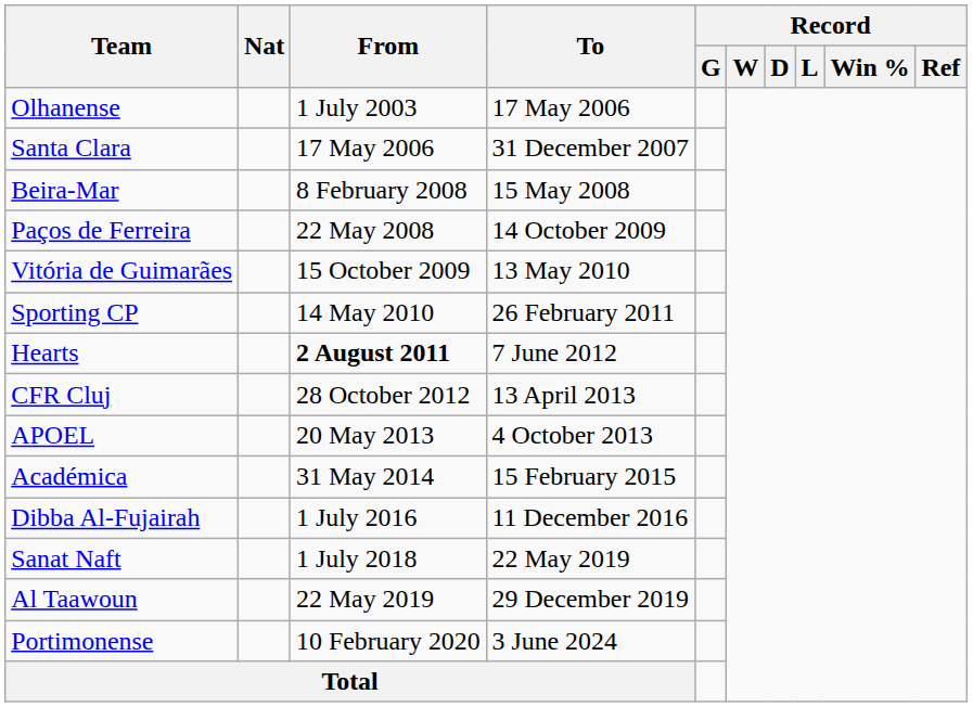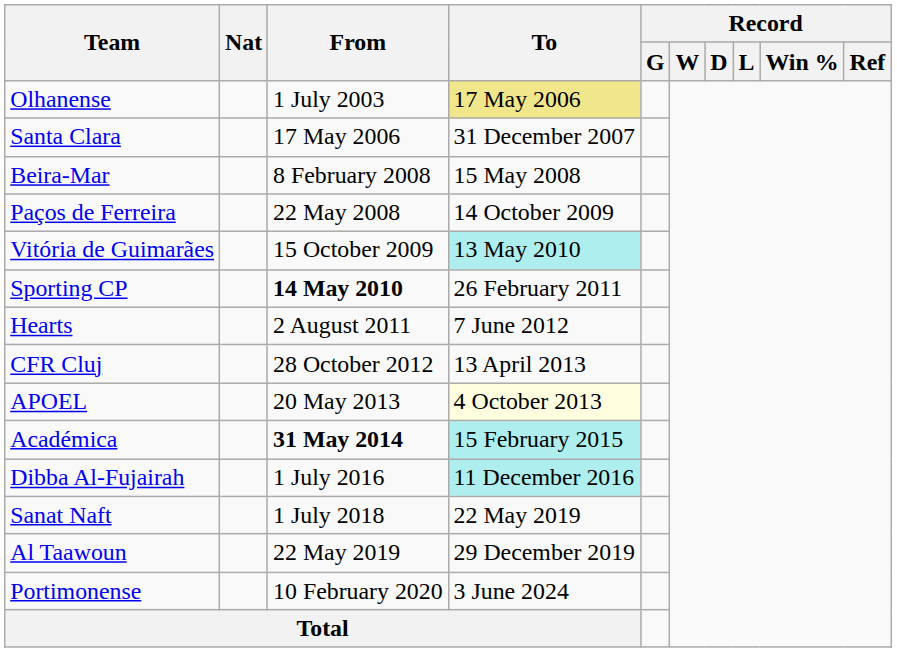 <table class="wikitable" style="text-align: center">
 <tr>
 <th rowspan="2">Team</th>
 <th rowspan="2">Nat</th>
 <th rowspan="2">From</th>
 <th rowspan="2">To</th>
 <th colspan="6">Record</th>
 </tr>
 <tr>
 <th>G</th>
 <th>W</th>
 <th>D</th>
 <th>L</th>
 <th>Win %</th>
 <th>Ref</th>
 </tr>
 <tr>
 <td align=left><a href='#'>Olhanense</a></td>
 <td></td>
 <td align=left>1 July 2003</td>
-<td align=left>17 May 2006<br></td>
+<td align=left style="background: khaki;">17 May 2006<br></td>
 <td></td>
 </tr>
 <tr>
 <td align=left><a href='#'>Santa Clara</a></td>
 <td></td>
 <td align=left>17 May 2006</td>
 <td align=left>31 December 2007<br></td>
 <td></td>
 </tr>
 <tr>
 <td align=left><a href='#'>Beira-Mar</a></td>
 <td></td>
 <td align=left>8 February 2008</td>
 <td align=left>15 May 2008<br></td>
 <td></td>
 </tr>
 <tr>
 <td align=left><a href='#'>Paços de Ferreira</a></td>
 <td></td>
 <td align=left>22 May 2008</td>
 <td align=left>14 October 2009<br></td>
 <td></td>
 </tr>
 <tr>
 <td align=left><a href='#'>Vitória de Guimarães</a></td>
 <td></td>
 <td align=left>15 October 2009</td>
-<td align=left>13 May 2010<br></td>
+<td align=left style="background: paleturquoise;">13 May 2010<br></td>
 <td></td>
 </tr>
 <tr>
 <td align=left><a href='#'>Sporting CP</a></td>
 <td></td>
-<td align=left>14 May 2010</td>
+<td align=left><strong>14 May 2010</strong></td>
 <td align=left>26 February 2011<br></td>
 <td></td>
 </tr>
 <tr>
 <td align=left><a href='#'>Hearts</a></td>
 <td></td>
-<td align=left><strong>2 August 2011</strong></td>
+<td align=left>2 August 2011</td>
 <td align=left>7 June 2012<br></td>
 <td></td>
 </tr>
 <tr>
 <td align=left><a href='#'>CFR Cluj</a></td>
 <td></td>
 <td align=left>28 October 2012</td>
 <td align=left>13 April 2013<br></td>
 <td></td>
 </tr>
 <tr>
 <td align=left><a href='#'>APOEL</a></td>
 <td></td>
 <td align=left>20 May 2013</td>
-<td align=left>4 October 2013<br></td>
+<td align=left style="background: lightyellow;">4 October 2013<br></td>
 <td></td>
 </tr>
 <tr>
 <td align=left><a href='#'>Académica</a></td>
 <td></td>
-<td align=left>31 May 2014</td>
-<td align=left>15 February 2015<br></td>
+<td align=left><strong>31 May 2014</strong></td>
+<td align=left style="background: paleturquoise;">15 February 2015<br></td>
 <td></td>
 </tr>
 <tr>
 <td align=left><a href='#'>Dibba Al-Fujairah</a></td>
 <td></td>
 <td align=left>1 July 2016</td>
-<td align=left>11 December 2016<br></td>
+<td align=left style="background: paleturquoise;">11 December 2016<br></td>
 <td></td>
 </tr>
 <tr>
 <td align=left><a href='#'>Sanat Naft</a></td>
 <td></td>
 <td align=left>1 July 2018</td>
 <td align=left>22 May 2019<br></td>
 <td></td>
 </tr>
 <tr>
 <td align=left><a href='#'>Al Taawoun</a></td>
 <td></td>
 <td align=left>22 May 2019</td>
 <td align=left>29 December 2019<br></td>
 <td></td>
 </tr>
 <tr>
 <td align=left><a href='#'>Portimonense</a></td>
 <td></td>
 <td align=left>10 February 2020</td>
 <td align=left>3 June 2024<br></td>
 <td></td>
 </tr>
 <tr>
 <th colspan="4" align="center" valign=middle>Total<br></th>
 <td></td>
 </tr>
 </table>
